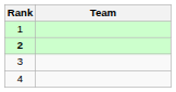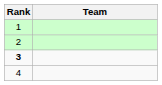 <table class="wikitable" style="text-align: center;">
 <tr>
 <th width=40>Rank</th>
 <th width=200>Team</th>
 </tr>
 <tr bgcolor=#ccffcc>
 <td>1</td>
 <td align=left></td>
 </tr>
 <tr bgcolor=#ccffcc>
-<td><strong>2</strong></td>
+<td>2</td>
 <td align=left></td>
 </tr>
 <tr>
-<td>3</td>
+<td><strong>3</strong></td>
 <td align=left></td>
 </tr>
 <tr>
 <td>4</td>
 <td align=left></td>
 </tr>
 </table>
